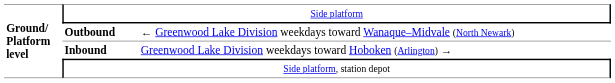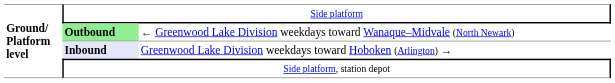 <table cellspacing=0 cellpadding=3>
 <tr>
 <td style="border-top:solid 1px gray; border-bottom:solid 1px gray" rowspan=5 width=75><strong>Ground/<br>Platform level</strong></td>
 <td style="border-top:solid 1px gray;border-right:solid 2px black;border-left:solid 2px black;border-bottom:solid 2px black;text-align:center;" colspan=2><small><a href='#'>Side platform</a></small></td>
 </tr>
 <tr>
-<td style="border-bottom:solid 1px gray;"><strong>Outbound</strong></td>
+<td style="background: lightgreen; border-bottom:solid 1px gray;"><strong>Outbound</strong></td>
 <td style="border-bottom:solid 1px gray;">← <a href='#'>Greenwood Lake Division</a> weekdays toward <a href='#'>Wanaque–Midvale</a> <small>(<a href='#'>North Newark</a>)</small></td>
 </tr>
 <tr>
-<td width=100><strong>Inbound</strong></td>
+<td width=100 style="background: lavender;"><strong>Inbound</strong></td>
 <td width=650> <a href='#'>Greenwood Lake Division</a> weekdays toward <a href='#'>Hoboken</a> <small>(<a href='#'>Arlington</a>)</small> →</td>
 </tr>
 <tr>
 <td style="border-bottom:solid 1px gray;border-right:solid 2px black;border-left:solid 2px black;border-top:solid 2px black;text-align:center;" colspan=2><small><a href='#'>Side platform</a>, station depot</small></td>
 </tr>
 </table>
